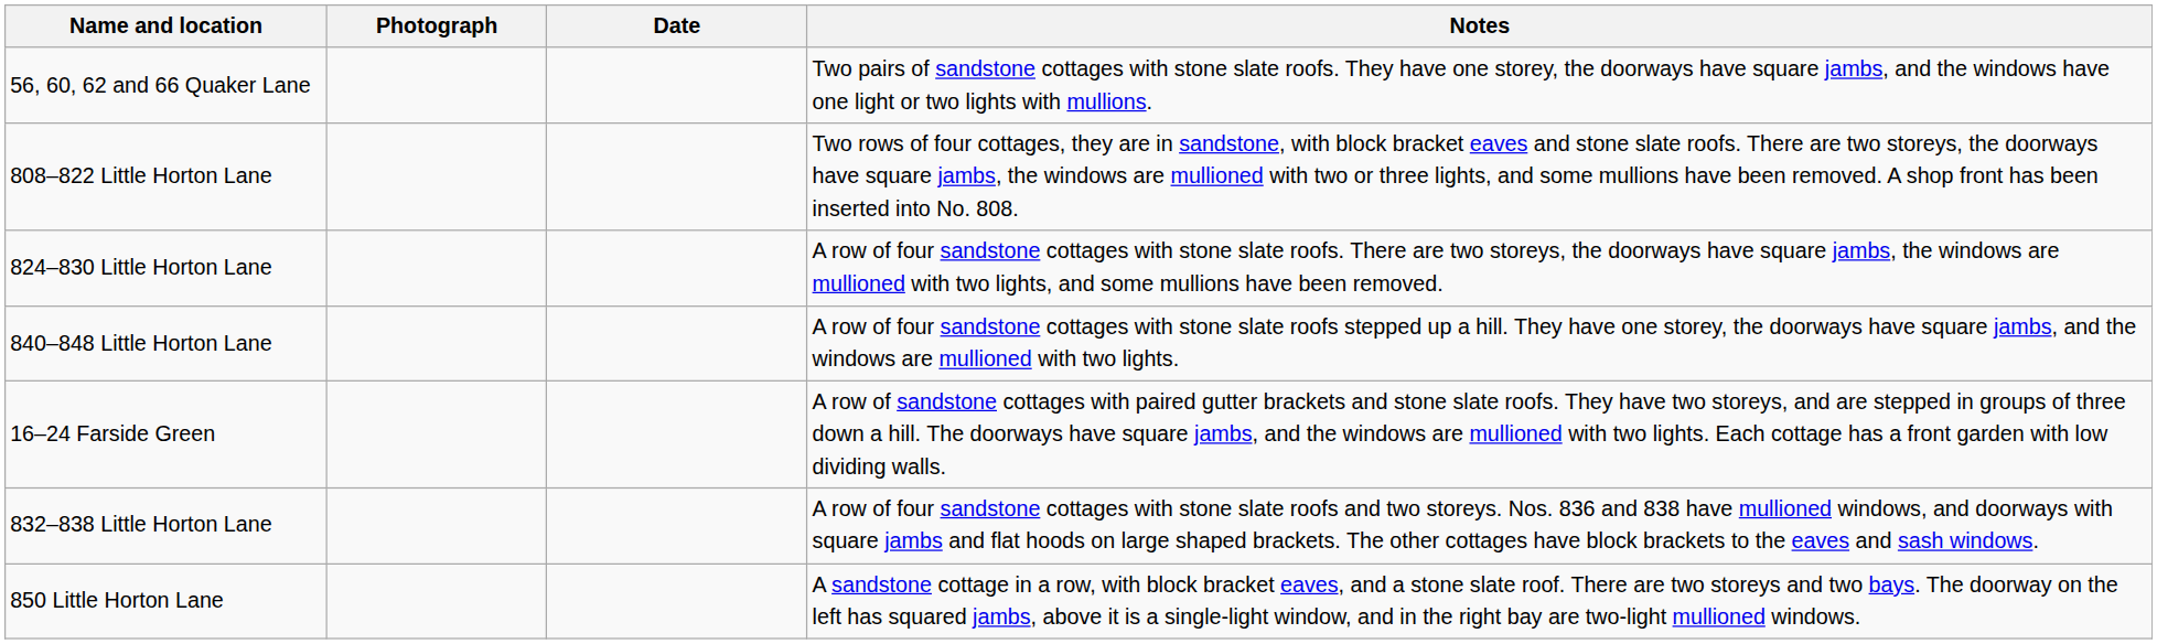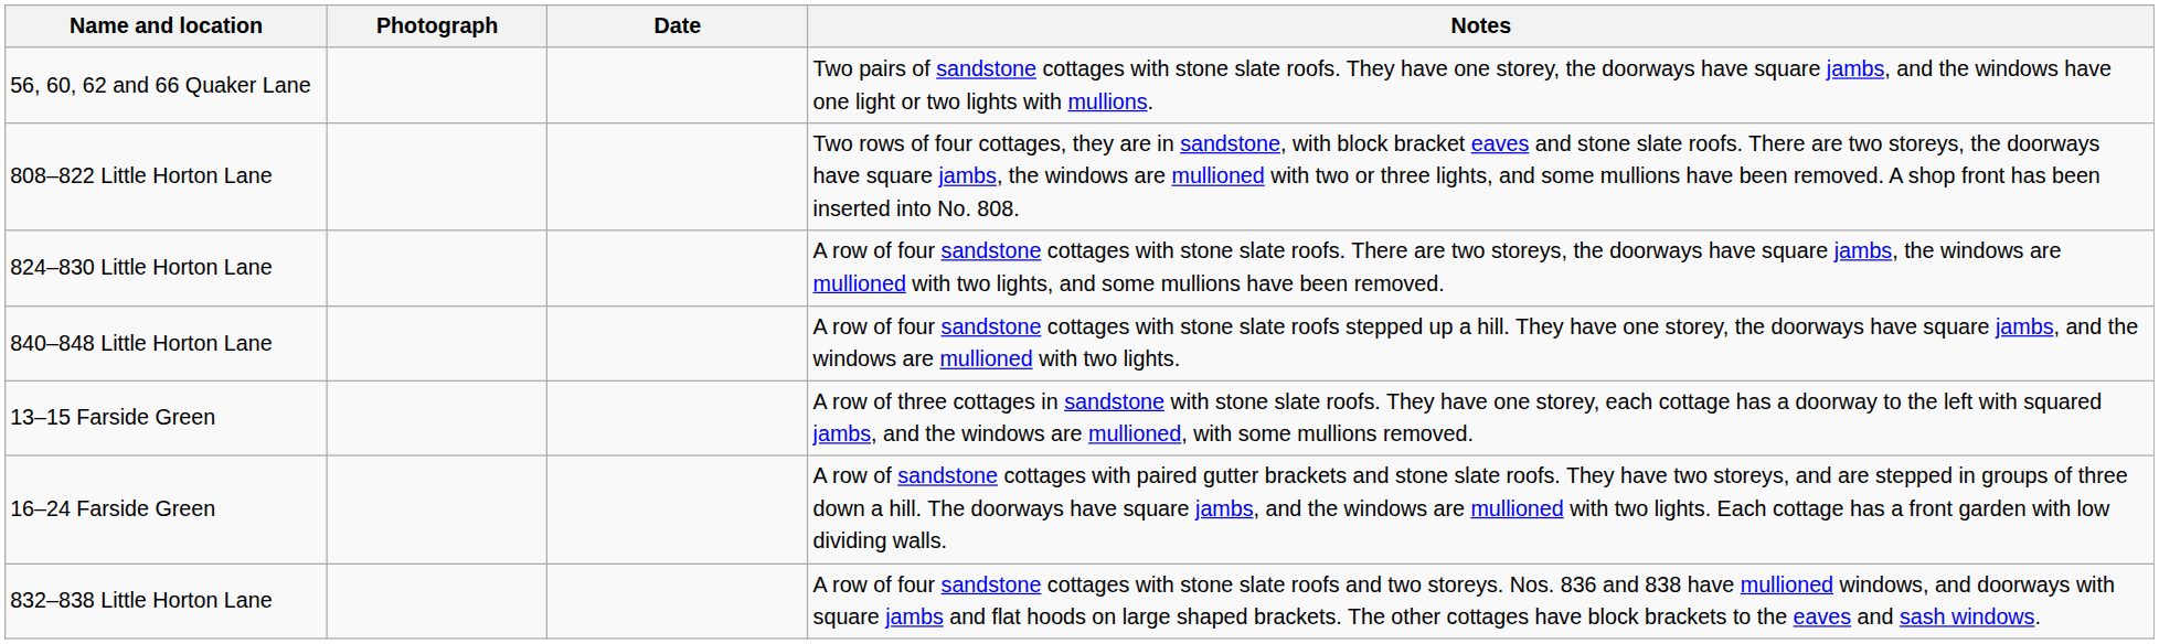 <table class="wikitable sortable plainrowheaders" style="width:100%;border:0px;text-align:left;line-height:150%;">
 <tr>
 <th scope="col"  style="width:150px">Name and location</th>
 <th scope="col"  style="width:100px" class="unsortable">Photograph</th>
 <th scope="col"  style="width:120px">Date</th>
 <th scope="col"  style="width:650px" class="unsortable">Notes</th>
 </tr>
 <tr>
 <td>56, 60, 62 and 66 Quaker Lane<br><small></small></td>
 <td></td>
 <td align="center"></td>
 <td>Two pairs of <a href='#'>sandstone</a> cottages with stone slate roofs.  They have one storey, the doorways have square <a href='#'>jambs</a>, and the windows have one light or two lights with <a href='#'>mullions</a>.</td>
 </tr>
 <tr>
 <td>808–822 Little Horton Lane<br><small></small></td>
 <td></td>
 <td align="center"></td>
 <td>Two rows of four cottages, they are in <a href='#'>sandstone</a>, with block bracket <a href='#'>eaves</a> and stone slate roofs.  There are two storeys, the doorways have square <a href='#'>jambs</a>, the windows are <a href='#'>mullioned</a> with two or three lights, and some mullions have been removed.  A shop front has been inserted into No. 808.</td>
 </tr>
 <tr>
 <td>824–830 Little Horton Lane<br><small></small></td>
 <td></td>
 <td align="center"></td>
 <td>A row of four <a href='#'>sandstone</a> cottages with stone slate roofs.  There are two storeys, the doorways have square <a href='#'>jambs</a>, the windows are <a href='#'>mullioned</a> with two lights, and some mullions have been removed.</td>
 </tr>
 <tr>
 <td>840–848 Little Horton Lane<br><small></small></td>
 <td></td>
 <td align="center"></td>
 <td>A row of four <a href='#'>sandstone</a> cottages with stone slate roofs stepped up a hill.  They have one storey, the doorways have square <a href='#'>jambs</a>, and the windows are <a href='#'>mullioned</a> with two lights.</td>
 </tr>
 <tr>
+<td>13–15 Farside Green<br><small></small></td>
+<td></td>
+<td align="center"></td>
+<td>A row of three cottages in <a href='#'>sandstone</a> with stone slate roofs.  They have one storey, each cottage has a doorway to the left with squared <a href='#'>jambs</a>, and the windows are <a href='#'>mullioned</a>, with some mullions removed.</td>
+</tr>
+<tr>
 <td>16–24 Farside Green<br><small></small></td>
 <td></td>
 <td align="center"></td>
 <td>A row of <a href='#'>sandstone</a> cottages with paired gutter brackets and stone slate roofs.  They have two storeys, and are stepped in groups of three down a hill.  The doorways have square <a href='#'>jambs</a>, and the windows are <a href='#'>mullioned</a> with two lights.  Each cottage has a front garden with low dividing walls.</td>
 </tr>
 <tr>
 <td>832–838 Little Horton Lane<br><small></small></td>
 <td></td>
 <td align="center"></td>
 <td>A row of four <a href='#'>sandstone</a> cottages with stone slate roofs and two storeys.  Nos. 836 and 838 have <a href='#'>mullioned</a> windows, and doorways with square <a href='#'>jambs</a> and flat hoods on large shaped brackets.  The other cottages have block brackets to the <a href='#'>eaves</a> and <a href='#'>sash windows</a>.</td>
 </tr>
 <tr>
-<td>850 Little Horton Lane<br><small></small></td>
-<td></td>
-<td align="center"></td>
-<td>A <a href='#'>sandstone</a> cottage in a row, with block bracket <a href='#'>eaves</a>, and a stone slate roof.  There are two storeys and two <a href='#'>bays</a>.  The doorway on the left has squared <a href='#'>jambs</a>, above it is a single-light window, and in the right bay are two-light <a href='#'>mullioned</a> windows.</td>
-</tr>
-<tr>
 </tr>
 </table>
